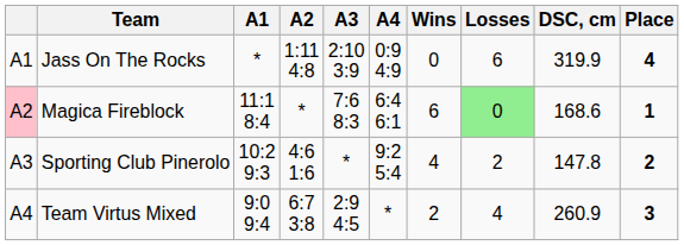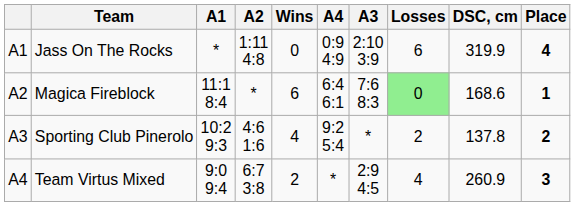 <table class="wikitable" style="text-align:center;">
 <tr>
 <th></th>
 <th>Team</th>
 <th width="25">A1</th>
 <th width="25">A2</th>
+<th width="20">Wins</th>
+<th width="25">A4</th>
 <th width="25">A3</th>
-<th width="25">A4</th>
-<th width="20">Wins</th>
 <th width="20">Losses</th>
 <th>DSC, cm</th>
 <th>Place</th>
 </tr>
 <tr>
 <td>A1</td>
 <td align=left>Jass On The Rocks</td>
 <td>*</td>
 <td>1:11<br> 4:8</td>
+<td>0</td>
+<td>0:9<br> 4:9</td>
 <td>2:10<br> 3:9</td>
-<td>0:9<br> 4:9</td>
-<td>0</td>
 <td>6</td>
 <td>319.9</td>
 <td><strong>4</strong></td>
 </tr>
 <tr>
-<td style="background: pink;">A2</td>
+<td>A2</td>
 <td align=left>Magica Fireblock</td>
 <td>11:1<br> 8:4</td>
 <td>*</td>
+<td>6</td>
+<td>6:4<br> 6:1</td>
 <td>7:6<br> 8:3</td>
-<td>6:4<br> 6:1</td>
-<td>6</td>
 <td style="background: lightgreen;">0</td>
 <td>168.6</td>
 <td><strong>1</strong></td>
 </tr>
 <tr>
 <td>A3</td>
 <td align=left>Sporting Club Pinerolo</td>
 <td>10:2<br> 9:3</td>
 <td>4:6<br> 1:6</td>
+<td>4</td>
+<td>9:2<br> 5:4</td>
 <td>*</td>
-<td>9:2<br> 5:4</td>
-<td>4</td>
 <td>2</td>
-<td>147.8</td>
+<td>137.8</td>
 <td><strong>2</strong></td>
 </tr>
 <tr>
 <td>A4</td>
 <td align=left>Team Virtus Mixed</td>
 <td>9:0<br> 9:4</td>
 <td>6:7<br> 3:8</td>
+<td>2</td>
+<td>*</td>
 <td>2:9<br> 4:5</td>
-<td>*</td>
-<td>2</td>
 <td>4</td>
 <td>260.9</td>
 <td><strong>3</strong></td>
 </tr>
 </table>
